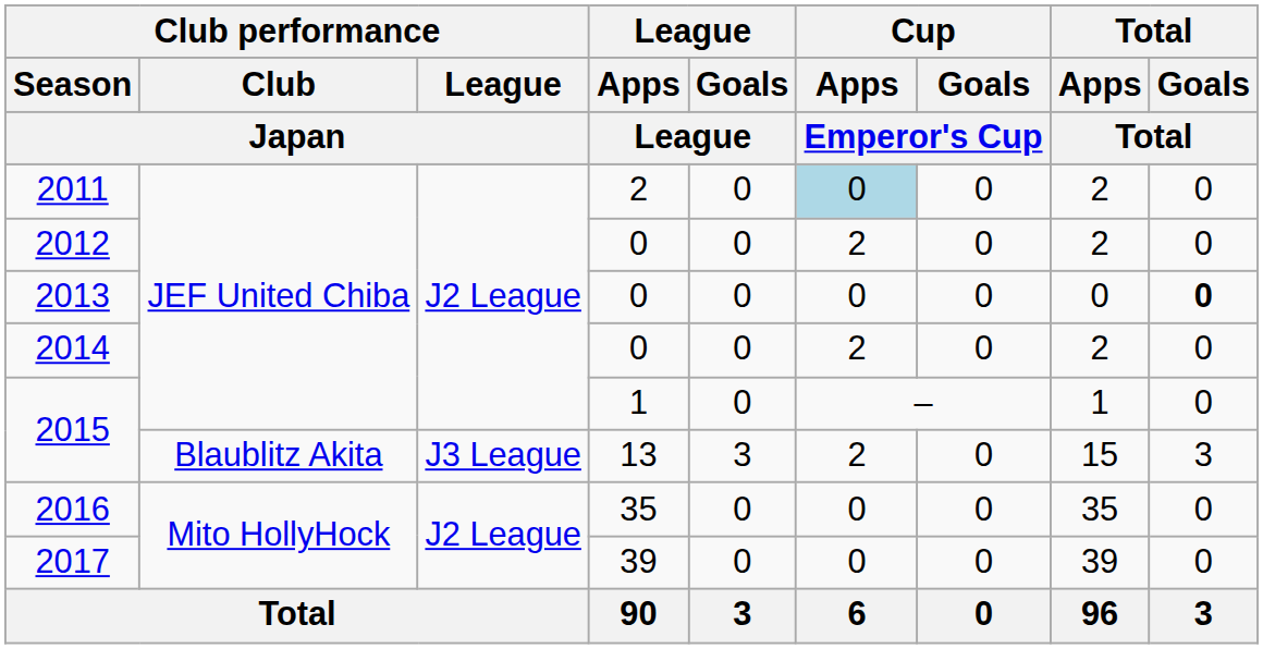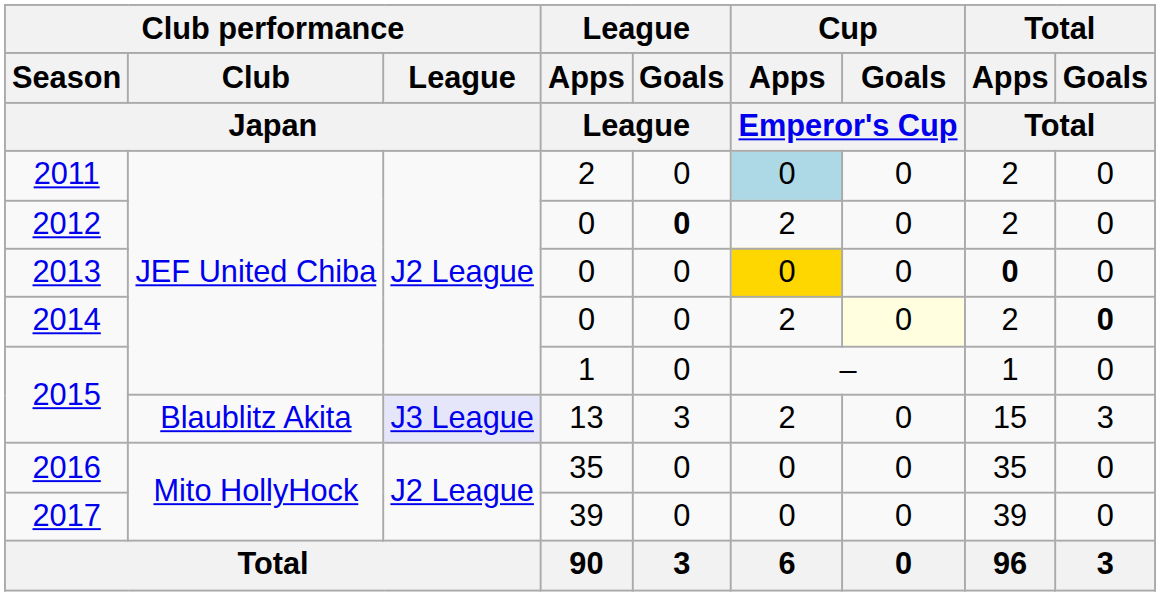 <table class="wikitable" style="text-align:center;">
 <tr>
 <th colspan=3>Club performance</th>
 <th colspan=2>League</th>
 <th colspan=2>Cup</th>
 <th colspan=2>Total</th>
 </tr>
 <tr>
 <th>Season</th>
 <th>Club</th>
 <th>League</th>
 <th>Apps</th>
 <th>Goals</th>
 <th>Apps</th>
 <th>Goals</th>
 <th>Apps</th>
 <th>Goals</th>
 </tr>
 <tr>
 <th colspan=3>Japan</th>
 <th colspan=2>League</th>
 <th colspan=2><a href='#'>Emperor's Cup</a></th>
 <th colspan=2>Total</th>
 </tr>
 <tr>
 <td><a href='#'>2011</a></td>
 <td rowspan="5"><a href='#'>JEF United Chiba</a></td>
 <td rowspan="5"><a href='#'>J2 League</a></td>
 <td>2</td>
 <td>0</td>
 <td style="background: lightblue;">0</td>
 <td>0</td>
 <td>2</td>
 <td>0</td>
 </tr>
 <tr>
 <td><a href='#'>2012</a></td>
 <td>0</td>
-<td>0</td>
+<td><strong>0</strong></td>
 <td>2</td>
 <td>0</td>
 <td>2</td>
 <td>0</td>
 </tr>
 <tr>
 <td><a href='#'>2013</a></td>
 <td>0</td>
 <td>0</td>
-<td>0</td>
-<td>0</td>
+<td style="background: gold;">0</td>
 <td>0</td>
 <td><strong>0</strong></td>
+<td>0</td>
 </tr>
 <tr>
 <td><a href='#'>2014</a></td>
 <td>0</td>
 <td>0</td>
 <td>2</td>
-<td>0</td>
+<td style="background: lightyellow;">0</td>
 <td>2</td>
-<td>0</td>
+<td><strong>0</strong></td>
 </tr>
 <tr>
 <td rowspan="2"><a href='#'>2015</a></td>
 <td>1</td>
 <td>0</td>
 <td colspan="2">–</td>
 <td>1</td>
 <td>0</td>
 </tr>
 <tr>
 <td><a href='#'>Blaublitz Akita</a></td>
-<td><a href='#'>J3 League</a></td>
+<td style="background: lavender;"><a href='#'>J3 League</a></td>
 <td>13</td>
 <td>3</td>
 <td>2</td>
 <td>0</td>
 <td>15</td>
 <td>3</td>
 </tr>
 <tr>
 <td><a href='#'>2016</a></td>
 <td rowspan="2"><a href='#'>Mito HollyHock</a></td>
 <td rowspan="2"><a href='#'>J2 League</a></td>
 <td>35</td>
 <td>0</td>
 <td>0</td>
 <td>0</td>
 <td>35</td>
 <td>0</td>
 </tr>
 <tr>
 <td><a href='#'>2017</a></td>
 <td>39</td>
 <td>0</td>
 <td>0</td>
 <td>0</td>
 <td>39</td>
 <td>0</td>
 </tr>
 <tr>
 <th colspan=3>Total</th>
 <th>90</th>
 <th>3</th>
 <th>6</th>
 <th>0</th>
 <th>96</th>
 <th>3</th>
 </tr>
 </table>
